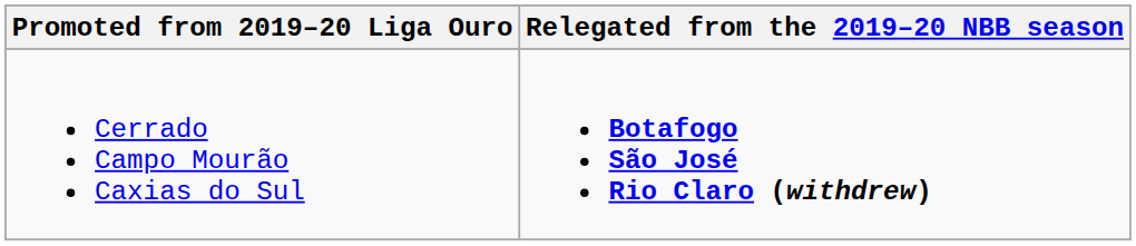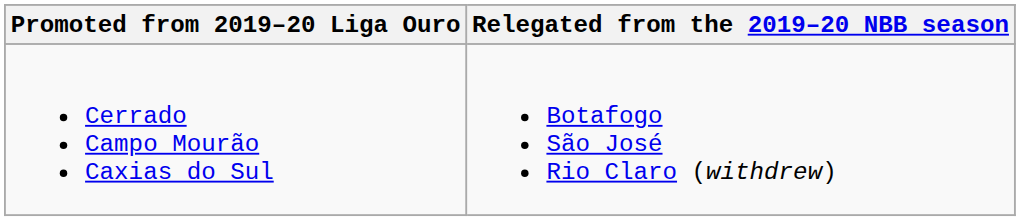 <table class="wikitable">
 <tr>
 <th> Promoted from 2019–20 Liga Ouro</th>
 <th> Relegated from the <a href='#'>2019–20 NBB season</a></th>
 </tr>
 <tr>
 <td><br><ul><li><a href='#'>Cerrado</a></li><li><a href='#'>Campo Mourão</a></li><li><a href='#'>Caxias do Sul</a></li></ul></td>
-<td><strong><br><ul><li><a href='#'>Botafogo</a></li><li><a href='#'>São José</a></li><li><a href='#'>Rio Claro</a> (<em>withdrew</em>)</li></ul></strong></td>
+<td><br><ul><li><a href='#'>Botafogo</a></li><li><a href='#'>São José</a></li><li><a href='#'>Rio Claro</a> (<em>withdrew</em>)</li></ul></td>
 </tr>
 </table>
